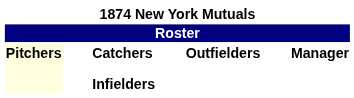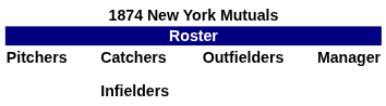 <table class="toccolours" style="font-size: 95%;">
 <tr>
 <th colspan="10" style="background-color: white; text-align: center;">1874 New York Mutuals</th>
 </tr>
 <tr>
 <td colspan="10" style="background-color: navy; color: white; text-align: center;"><strong>Roster</strong></td>
 </tr>
 <tr>
-<td valign="top" style="background: lightyellow;"><strong>Pitchers</strong><br></td>
+<td valign="top"><strong>Pitchers</strong><br></td>
 <td width="25px"></td>
 <td valign="top"><strong>Catchers</strong><br><br><strong>Infielders</strong>     </td>
 <td width="25px"></td>
 <td valign="top"><strong>Outfielders</strong><br>     </td>
 <td width="25px"></td>
 <td valign="top"><strong>Manager</strong><br> </td>
 </tr>
 <tr>
 </tr>
 </table>
